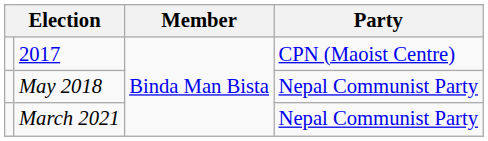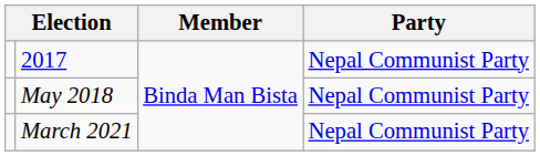 <table class="wikitable">
 <tr>
 <th colspan="2">Election</th>
 <th>Member</th>
 <th>Party</th>
 </tr>
 <tr>
 <td style="color:inherit;background:"></td>
 <td><a href='#'>2017</a></td>
 <td rowspan="3"><a href='#'>Binda Man Bista</a></td>
-<td><a href='#'>CPN (Maoist Centre)</a></td>
+<td><a href='#'>Nepal Communist Party</a></td>
 </tr>
 <tr>
 <td style="color:inherit;background:"></td>
 <td><em>May 2018</em></td>
 <td><a href='#'>Nepal Communist Party</a></td>
 </tr>
 <tr>
 <td style="color:inherit;background:"></td>
 <td><em>March 2021</em></td>
 <td><a href='#'>Nepal Communist Party</a></td>
 </tr>
 </table>
